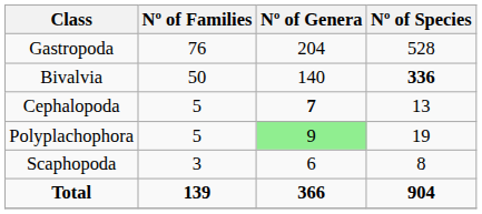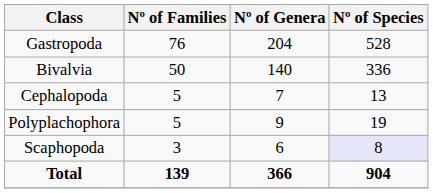 <table class="wikitable" style="text-align:center">
 <tr>
 <th>Class</th>
 <th>Nº of Families</th>
 <th>Nº of Genera</th>
 <th>Nº of Species</th>
 </tr>
 <tr text align="center" |>
 <td>Gastropoda</td>
 <td>76</td>
 <td>204</td>
 <td>528</td>
 </tr>
 <tr text align="center" |>
 <td>Bivalvia</td>
 <td>50</td>
 <td>140</td>
-<td><strong>336</strong></td>
+<td>336</td>
 </tr>
 <tr text align="center" |>
 <td>Cephalopoda</td>
 <td>5</td>
-<td><strong>7</strong></td>
+<td>7</td>
 <td>13</td>
 </tr>
 <tr text align="center" |>
 <td>Polyplachophora</td>
 <td>5</td>
-<td style="background: lightgreen;">9</td>
+<td>9</td>
 <td>19</td>
 </tr>
 <tr text align="center" |>
 <td>Scaphopoda</td>
 <td>3</td>
 <td>6</td>
-<td>8</td>
+<td style="background: lavender;">8</td>
 </tr>
 <tr text align="center" |>
 <td><strong>Total</strong></td>
 <td><strong>139</strong></td>
 <td><strong>366</strong></td>
 <td><strong>904</strong></td>
 </tr>
 <tr>
 </tr>
 </table>
